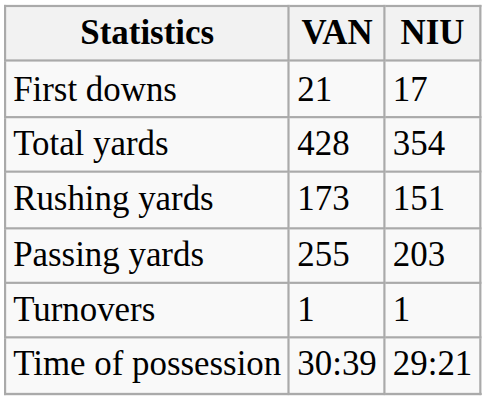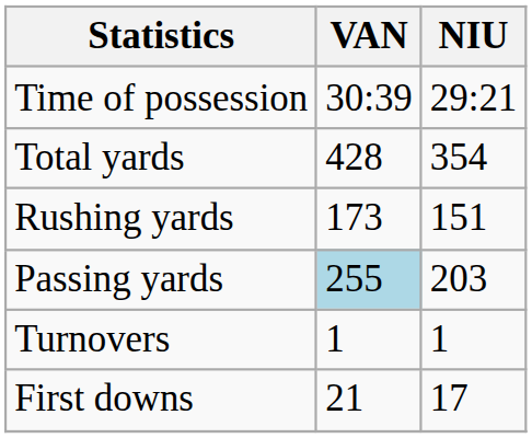 <table class="wikitable" style="float: left;">
 <tr>
 <th>Statistics</th>
 <th>VAN</th>
 <th>NIU</th>
 </tr>
 <tr>
-<td>First downs</td>
-<td>21</td>
-<td>17</td>
+<td>Time of possession</td>
+<td>30:39</td>
+<td>29:21</td>
 </tr>
 <tr>
 <td>Total yards</td>
 <td>428</td>
 <td>354</td>
 </tr>
 <tr>
 <td>Rushing yards</td>
 <td>173</td>
 <td>151</td>
 </tr>
 <tr>
 <td>Passing yards</td>
-<td>255</td>
+<td style="background: lightblue;">255</td>
 <td>203</td>
 </tr>
 <tr>
 <td>Turnovers</td>
 <td>1</td>
 <td>1</td>
 </tr>
 <tr>
-<td>Time of possession</td>
-<td>30:39</td>
-<td>29:21</td>
+<td>First downs</td>
+<td>21</td>
+<td>17</td>
 </tr>
 <tr>
 </tr>
 </table>
